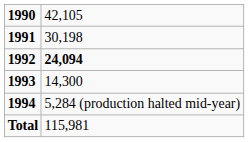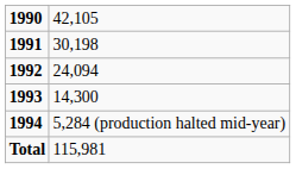 <table class=wikitable align=center>
 <tr>
 <td><strong>1990</strong></td>
 <td>42,105</td>
 </tr>
 <tr>
 <td><strong>1991</strong></td>
 <td>30,198</td>
 </tr>
 <tr>
 <td><strong>1992</strong></td>
-<td><strong>24,094</strong></td>
+<td>24,094</td>
 </tr>
 <tr>
 <td><strong>1993</strong></td>
 <td>14,300</td>
 </tr>
 <tr>
 <td><strong>1994</strong></td>
 <td>5,284 (production halted mid-year)</td>
 </tr>
 <tr>
 <td><strong>Total</strong></td>
 <td>115,981</td>
 </tr>
 </table>
